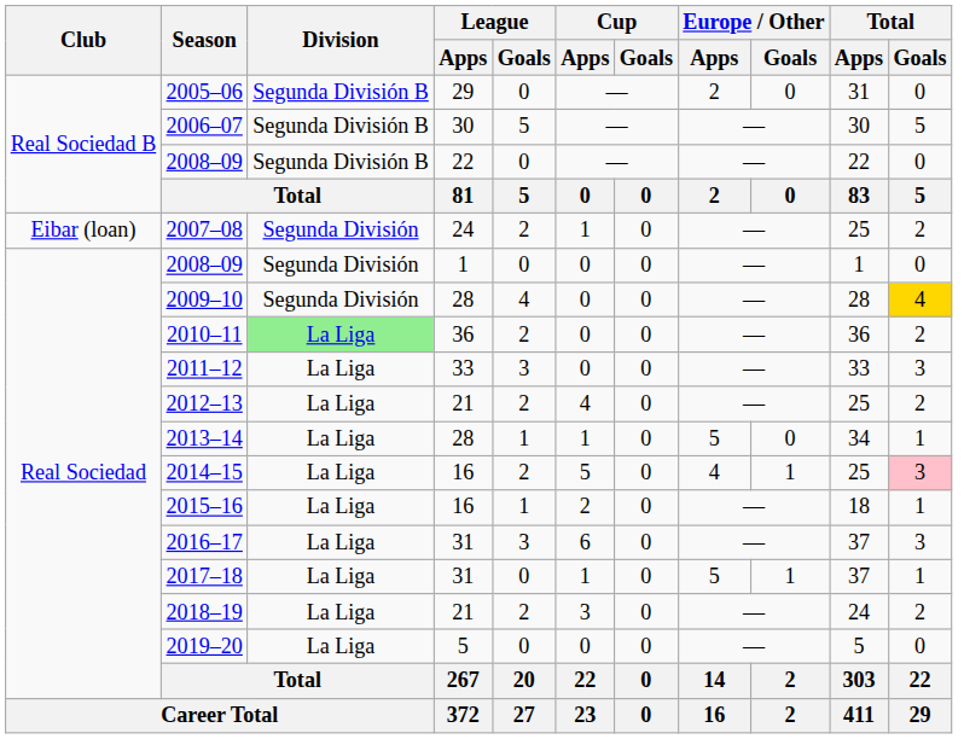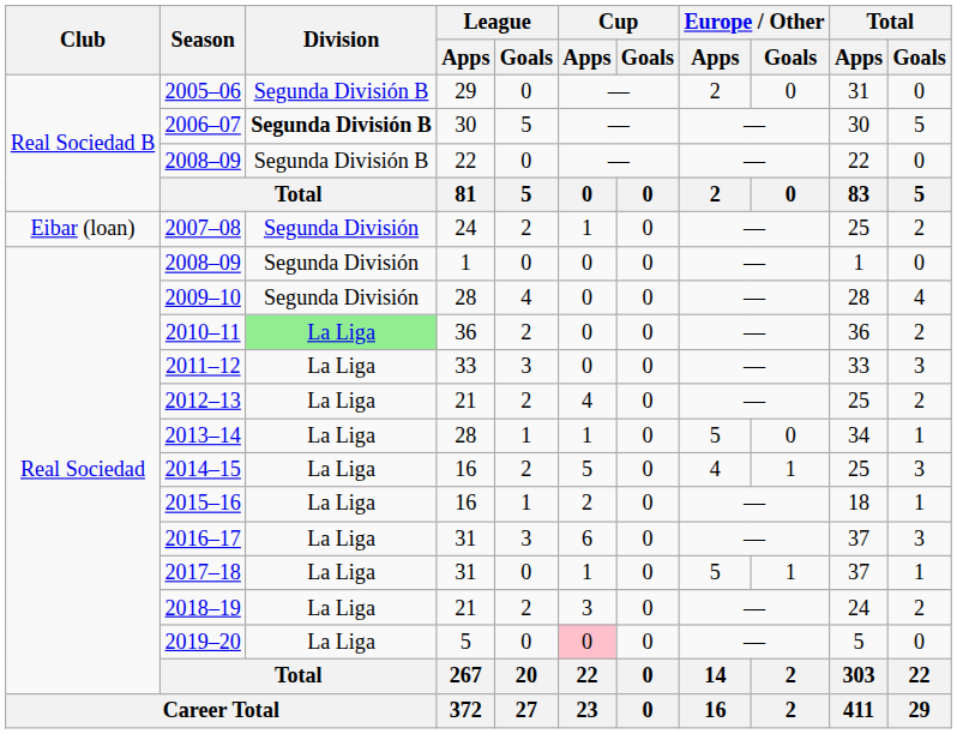 <table class="wikitable" style="font-size:100%; text-align: center">
 <tr>
 <th rowspan=2>Club</th>
 <th rowspan=2>Season</th>
 <th rowspan="2">Division</th>
 <th colspan=2>League</th>
 <th colspan=2>Cup</th>
 <th colspan=2><a href='#'>Europe</a> / Other</th>
 <th colspan=2>Total</th>
 </tr>
 <tr>
 <th>Apps</th>
 <th>Goals</th>
 <th>Apps</th>
 <th>Goals</th>
 <th>Apps</th>
 <th>Goals</th>
 <th>Apps</th>
 <th>Goals</th>
 </tr>
 <tr>
 <td rowspan=4><a href='#'>Real Sociedad B</a></td>
 <td><a href='#'>2005–06</a></td>
 <td><a href='#'>Segunda División B</a></td>
 <td>29</td>
 <td>0</td>
 <td colspan=2>—</td>
 <td>2</td>
 <td>0</td>
 <td>31</td>
 <td>0</td>
 </tr>
 <tr>
 <td><a href='#'>2006–07</a></td>
-<td>Segunda División B</td>
+<td><strong>Segunda División B</strong></td>
 <td>30</td>
 <td>5</td>
 <td colspan=2>—</td>
 <td colspan=2>—</td>
 <td>30</td>
 <td>5</td>
 </tr>
 <tr>
 <td><a href='#'>2008–09</a></td>
 <td>Segunda División B</td>
 <td>22</td>
 <td>0</td>
 <td colspan=2>—</td>
 <td colspan=2>—</td>
 <td>22</td>
 <td>0</td>
 </tr>
 <tr>
 <th colspan=2>Total</th>
 <th>81</th>
 <th>5</th>
 <th>0</th>
 <th>0</th>
 <th>2</th>
 <th>0</th>
 <th>83</th>
 <th>5</th>
 </tr>
 <tr>
 <td><a href='#'>Eibar</a> (loan)</td>
 <td><a href='#'>2007–08</a></td>
 <td><a href='#'>Segunda División</a></td>
 <td>24</td>
 <td>2</td>
 <td>1</td>
 <td>0</td>
 <td colspan=2>—</td>
 <td>25</td>
 <td>2</td>
 </tr>
 <tr>
 <td rowspan="13"><a href='#'>Real Sociedad</a></td>
 <td><a href='#'>2008–09</a></td>
 <td>Segunda División</td>
 <td>1</td>
 <td>0</td>
 <td>0</td>
 <td>0</td>
 <td colspan=2>—</td>
 <td>1</td>
 <td>0</td>
 </tr>
 <tr>
 <td><a href='#'>2009–10</a></td>
 <td>Segunda División</td>
 <td>28</td>
 <td>4</td>
 <td>0</td>
 <td>0</td>
 <td colspan=2>—</td>
 <td>28</td>
-<td style="background: gold;">4</td>
+<td>4</td>
 </tr>
 <tr>
 <td><a href='#'>2010–11</a></td>
 <td style="background: lightgreen;"><a href='#'>La Liga</a></td>
 <td>36</td>
 <td>2</td>
 <td>0</td>
 <td>0</td>
 <td colspan=2>—</td>
 <td>36</td>
 <td>2</td>
 </tr>
 <tr>
 <td><a href='#'>2011–12</a></td>
 <td>La Liga</td>
 <td>33</td>
 <td>3</td>
 <td>0</td>
 <td>0</td>
 <td colspan=2>—</td>
 <td>33</td>
 <td>3</td>
 </tr>
 <tr>
 <td><a href='#'>2012–13</a></td>
 <td>La Liga</td>
 <td>21</td>
 <td>2</td>
 <td>4</td>
 <td>0</td>
 <td colspan=2>—</td>
 <td>25</td>
 <td>2</td>
 </tr>
 <tr>
 <td><a href='#'>2013–14</a></td>
 <td>La Liga</td>
 <td>28</td>
 <td>1</td>
 <td>1</td>
 <td>0</td>
 <td>5</td>
 <td>0</td>
 <td>34</td>
 <td>1</td>
 </tr>
 <tr>
 <td><a href='#'>2014–15</a></td>
 <td>La Liga</td>
 <td>16</td>
 <td>2</td>
 <td>5</td>
 <td>0</td>
 <td>4</td>
 <td>1</td>
 <td>25</td>
-<td style="background: pink;">3</td>
+<td>3</td>
 </tr>
 <tr>
 <td><a href='#'>2015–16</a></td>
 <td>La Liga</td>
 <td>16</td>
 <td>1</td>
 <td>2</td>
 <td>0</td>
 <td colspan=2>—</td>
 <td>18</td>
 <td>1</td>
 </tr>
 <tr>
 <td><a href='#'>2016–17</a></td>
 <td>La Liga</td>
 <td>31</td>
 <td>3</td>
 <td>6</td>
 <td>0</td>
 <td colspan=2>—</td>
 <td>37</td>
 <td>3</td>
 </tr>
 <tr>
 <td><a href='#'>2017–18</a></td>
 <td>La Liga</td>
 <td>31</td>
 <td>0</td>
 <td>1</td>
 <td>0</td>
 <td>5</td>
 <td>1</td>
 <td>37</td>
 <td>1</td>
 </tr>
 <tr>
 <td><a href='#'>2018–19</a></td>
 <td>La Liga</td>
 <td>21</td>
 <td>2</td>
 <td>3</td>
 <td>0</td>
 <td colspan=2>—</td>
 <td>24</td>
 <td>2</td>
 </tr>
 <tr>
 <td><a href='#'>2019–20</a></td>
 <td>La Liga</td>
 <td>5</td>
 <td>0</td>
-<td>0</td>
+<td style="background: pink;">0</td>
 <td>0</td>
 <td colspan=2>—</td>
 <td>5</td>
 <td>0</td>
 </tr>
 <tr>
 <th colspan=2>Total</th>
 <th>267</th>
 <th>20</th>
 <th>22</th>
 <th>0</th>
 <th>14</th>
 <th>2</th>
 <th>303</th>
 <th>22</th>
 </tr>
 <tr>
 <th colspan=3>Career Total</th>
 <th>372</th>
 <th>27</th>
 <th>23</th>
 <th>0</th>
 <th>16</th>
 <th>2</th>
 <th>411</th>
 <th>29</th>
 </tr>
 </table>
